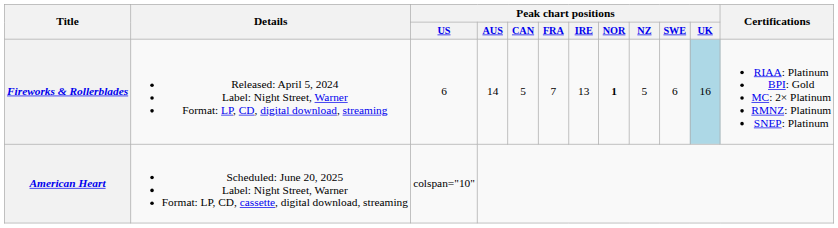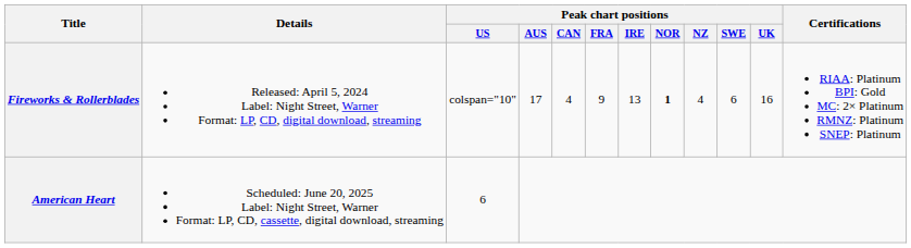 <table class="wikitable plainrowheaders" style="text-align:center;">
 <tr>
 <th scope="col" rowspan="2">Title</th>
 <th scope="col" rowspan="2">Details</th>
 <th scope="col" colspan="9">Peak chart positions</th>
 <th scope="col" rowspan="2">Certifications</th>
 </tr>
 <tr>
 <th scope="col" style="width:2.5em;font-size:90%;"><a href='#'>US</a><br></th>
 <th scope="col" style="width:2.5em;font-size:90%;"><a href='#'>AUS</a><br></th>
 <th scope="col" style="width:2.5em;font-size:90%;"><a href='#'>CAN</a><br></th>
 <th scope="col" style="width:2.5em;font-size:90%;"><a href='#'>FRA</a><br></th>
 <th scope="col" style="width:2.5em;font-size:90%;"><a href='#'>IRE</a><br></th>
 <th scope="col" style="width:2.5em;font-size:90%;"><a href='#'>NOR</a><br></th>
 <th scope="col" style="width:2.5em;font-size:90%;"><a href='#'>NZ</a><br></th>
 <th scope="col" style="width:2.5em;font-size:90%;"><a href='#'>SWE</a><br></th>
 <th scope="col" style="width:2.5em;font-size:90%;"><a href='#'>UK</a><br></th>
 </tr>
 <tr>
 <th scope="row"><em><a href='#'>Fireworks & Rollerblades</a></em></th>
 <td><br><ul><li>Released: April 5, 2024</li><li>Label: Night Street, <a href='#'>Warner</a></li><li>Format: <a href='#'>LP</a>, <a href='#'>CD</a>, <a href='#'>digital download</a>, <a href='#'>streaming</a></li></ul></td>
-<td>6</td>
-<td>14</td>
-<td>5</td>
-<td>7</td>
+<td>colspan="10" </td>
+<td>17</td>
+<td>4</td>
+<td>9</td>
 <td>13</td>
 <td><strong>1</strong></td>
-<td>5</td>
+<td>4</td>
 <td>6</td>
-<td style="background: lightblue;">16</td>
+<td>16</td>
 <td><br><ul><li><a href='#'>RIAA</a>: Platinum</li><li><a href='#'>BPI</a>: Gold</li><li><a href='#'>MC</a>: 2× Platinum</li><li><a href='#'>RMNZ</a>: Platinum</li><li><a href='#'>SNEP</a>: Platinum</li></ul></td>
 </tr>
 <tr>
 <th scope="row"><em><a href='#'>American Heart</a></em></th>
 <td><br><ul><li>Scheduled: June 20, 2025</li><li>Label: Night Street, Warner</li><li>Format: LP, CD, <a href='#'>cassette</a>, digital download, streaming</li></ul></td>
-<td>colspan="10" </td>
+<td>6</td>
 </tr>
 </table>
